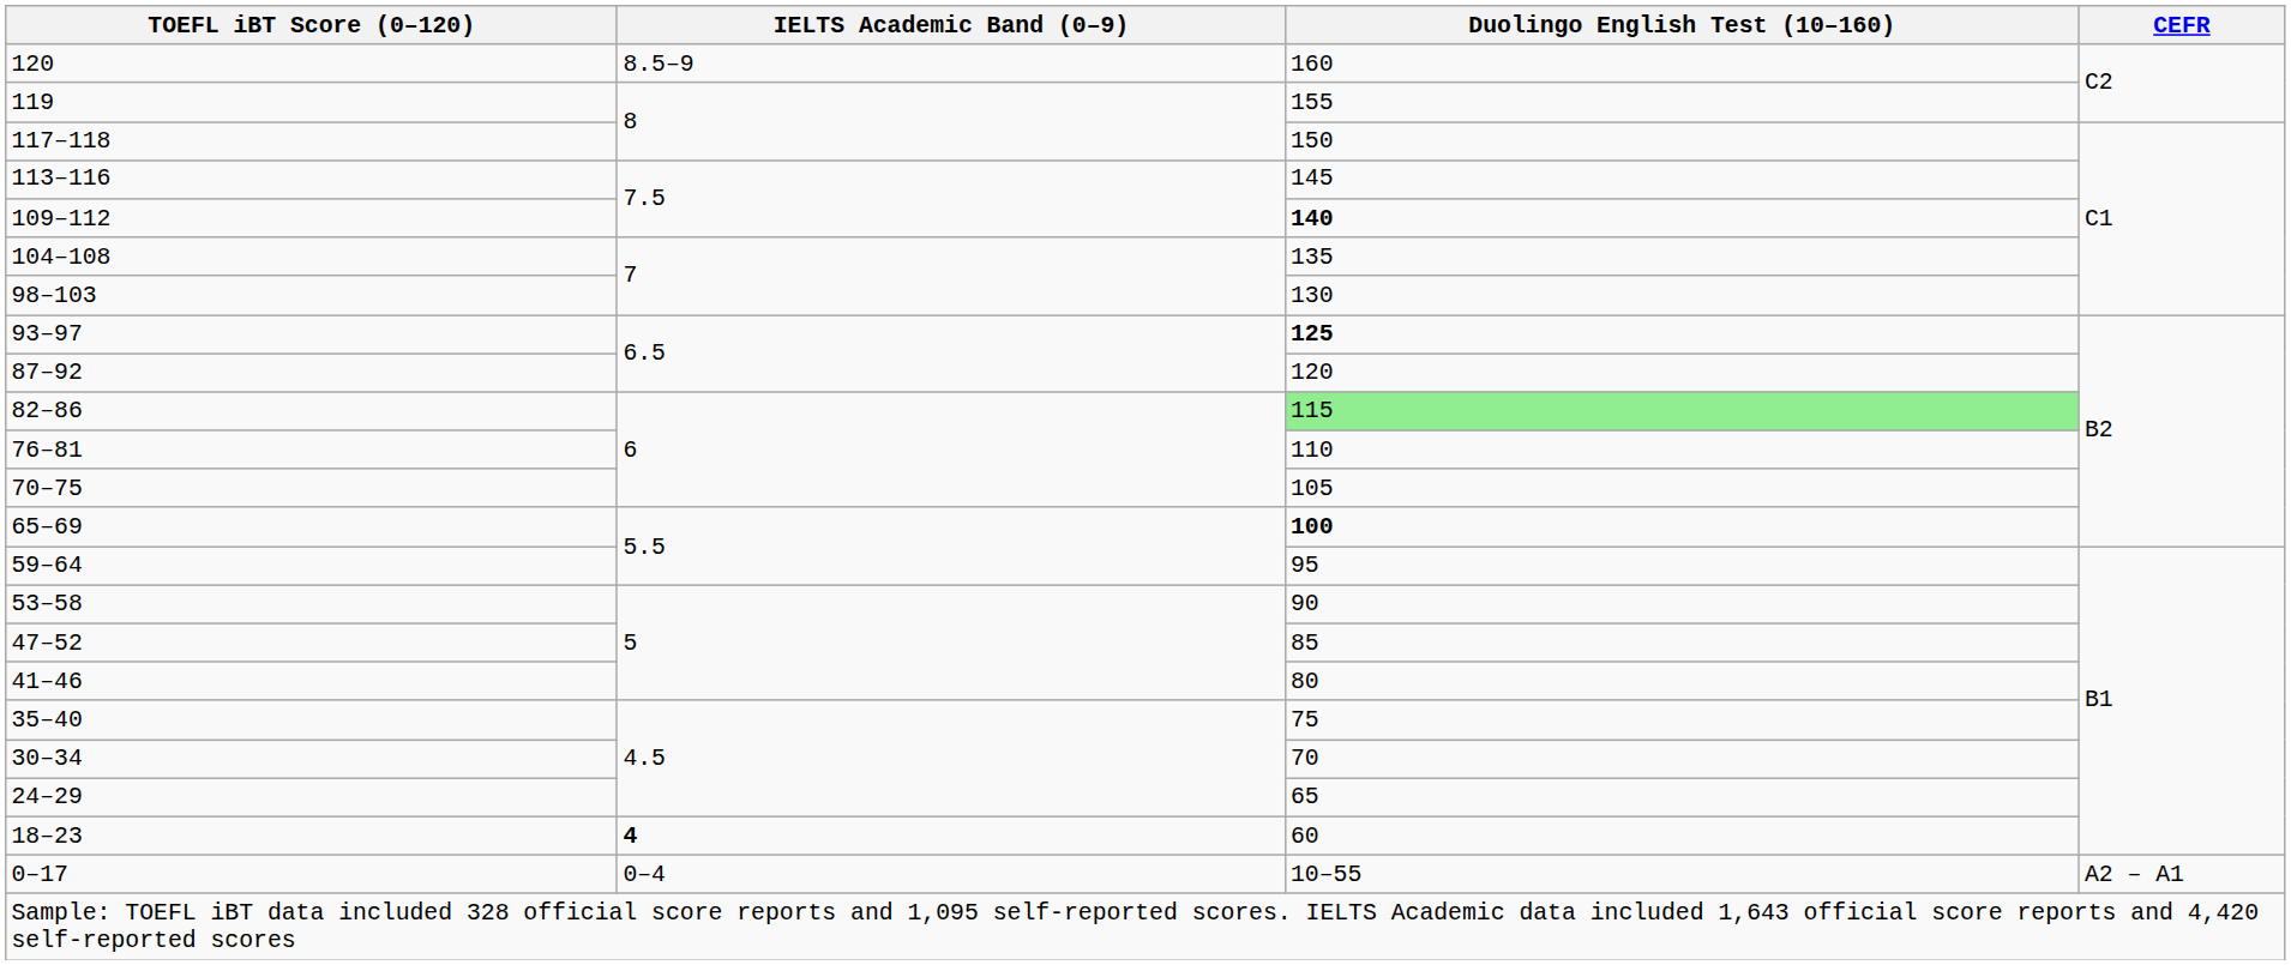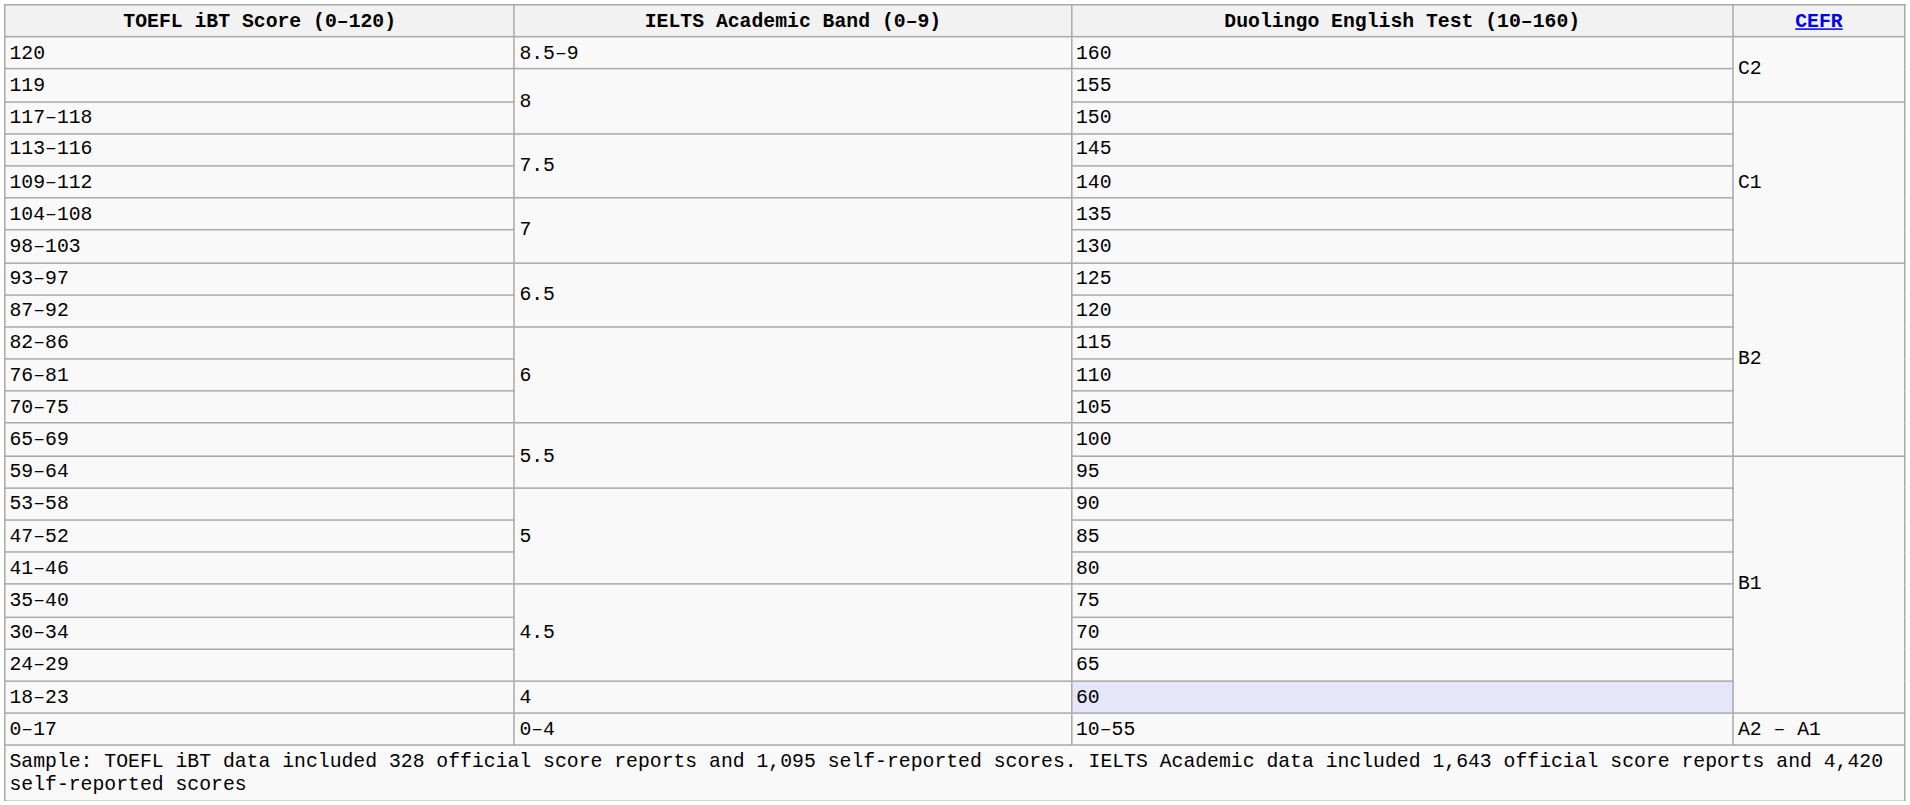 <table class="wikitable">
 <tr>
 <th>TOEFL iBT Score (0–120)</th>
 <th>IELTS Academic Band (0–9)</th>
 <th>Duolingo English Test (10–160)</th>
 <th><a href='#'>CEFR</a></th>
 </tr>
 <tr>
 <td>120</td>
 <td>8.5–9</td>
 <td>160</td>
 <td rowspan="2">C2</td>
 </tr>
 <tr>
 <td>119</td>
 <td rowspan="2">8</td>
 <td>155</td>
 </tr>
 <tr>
 <td>117–118</td>
 <td>150</td>
 <td rowspan="5">C1</td>
 </tr>
 <tr>
 <td>113–116</td>
 <td rowspan="2">7.5</td>
 <td>145</td>
 </tr>
 <tr>
 <td>109–112</td>
-<td><strong>140</strong></td>
+<td>140</td>
 </tr>
 <tr>
 <td>104–108</td>
 <td rowspan="2">7</td>
 <td>135</td>
 </tr>
 <tr>
 <td>98–103</td>
 <td>130</td>
 </tr>
 <tr>
 <td>93–97</td>
 <td rowspan="2">6.5</td>
-<td><strong>125</strong></td>
+<td>125</td>
 <td rowspan="6">B2</td>
 </tr>
 <tr>
 <td>87–92</td>
 <td>120</td>
 </tr>
 <tr>
 <td>82–86</td>
 <td rowspan="3">6</td>
-<td style="background: lightgreen;">115</td>
+<td>115</td>
 </tr>
 <tr>
 <td>76–81</td>
 <td>110</td>
 </tr>
 <tr>
 <td>70–75</td>
 <td>105</td>
 </tr>
 <tr>
 <td>65–69</td>
 <td rowspan="2">5.5</td>
-<td><strong>100</strong></td>
+<td>100</td>
 </tr>
 <tr>
 <td>59–64</td>
 <td>95</td>
 <td rowspan="8">B1</td>
 </tr>
 <tr>
 <td>53–58</td>
 <td rowspan="3">5</td>
 <td>90</td>
 </tr>
 <tr>
 <td>47–52</td>
 <td>85</td>
 </tr>
 <tr>
 <td>41–46</td>
 <td>80</td>
 </tr>
 <tr>
 <td>35–40</td>
 <td rowspan="3">4.5</td>
 <td>75</td>
 </tr>
 <tr>
 <td>30–34</td>
 <td>70</td>
 </tr>
 <tr>
 <td>24–29</td>
 <td>65</td>
 </tr>
 <tr>
 <td>18–23</td>
-<td><strong>4</strong></td>
-<td>60</td>
+<td>4</td>
+<td style="background: lavender;">60</td>
 </tr>
 <tr>
 <td>0–17</td>
 <td>0–4</td>
 <td>10–55</td>
 <td>A2 – A1</td>
 </tr>
 <tr>
 <td colspan="4">Sample: TOEFL iBT data included 328 official score reports and 1,095 self-reported scores. IELTS Academic data included 1,643 official score reports and 4,420 self-reported scores</td>
 </tr>
 </table>
